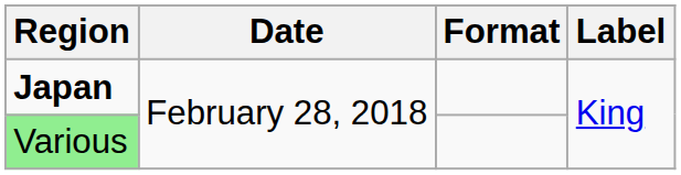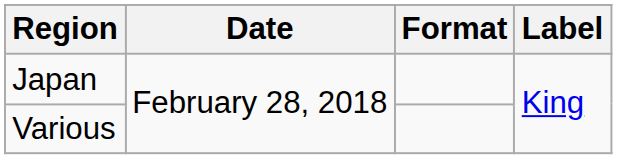 <table class = "wikitable plainrowheaders">
 <tr>
 <th>Region</th>
 <th>Date</th>
 <th>Format</th>
 <th>Label</th>
 </tr>
 <tr>
-<td><strong>Japan</strong></td>
+<td>Japan</td>
 <td rowspan="2">February 28, 2018</td>
 <td></td>
 <td rowspan="2"><a href='#'>King</a></td>
 </tr>
 <tr>
-<td style="background: lightgreen;">Various</td>
+<td>Various</td>
 <td></td>
 </tr>
 </table>
